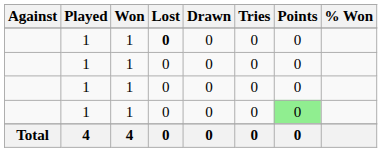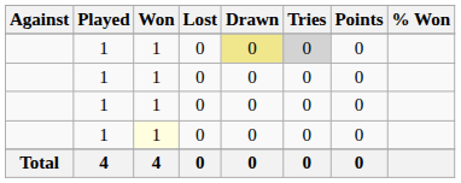 <table class="sortable wikitable" style="text-align: center;">
 <tr>
 </tr>
 <tr>
 <th>Against</th>
 <th>Played</th>
 <th>Won</th>
 <th>Lost</th>
 <th>Drawn</th>
 <th>Tries</th>
 <th>Points</th>
 <th>% Won</th>
 </tr>
 <tr bgcolor="#d0ffd0" align="center">
 </tr>
 <tr>
 <td align="left"></td>
 <td>1</td>
 <td>1</td>
-<td><strong>0</strong></td>
 <td>0</td>
-<td>0</td>
+<td style="background: khaki;">0</td>
+<td style="background: lightgrey;">0</td>
 <td>0</td>
 <td></td>
 </tr>
 <tr>
 <td align="left"></td>
 <td>1</td>
 <td>1</td>
 <td>0</td>
 <td>0</td>
 <td>0</td>
 <td>0</td>
 <td></td>
 </tr>
 <tr>
 <td align="left"></td>
 <td>1</td>
 <td>1</td>
 <td>0</td>
 <td>0</td>
 <td>0</td>
 <td>0</td>
 <td></td>
 </tr>
 <tr>
 <td align="left"></td>
 <td>1</td>
-<td>1</td>
+<td style="background: lightyellow;">1</td>
 <td>0</td>
 <td>0</td>
 <td>0</td>
-<td style="background: lightgreen;">0</td>
+<td>0</td>
 <td></td>
 </tr>
 <tr>
 </tr>
 <tr class="sortbottom">
 <th>Total</th>
 <th>4</th>
 <th>4</th>
 <th>0</th>
 <th>0</th>
 <th>0</th>
 <th>0</th>
 <th></th>
 </tr>
 </table>
